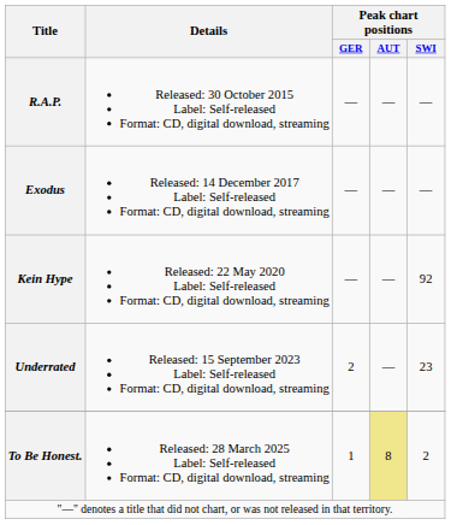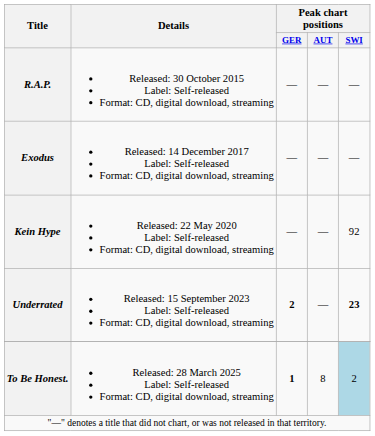 <table class="wikitable plainrowheaders" style="text-align:center">
 <tr>
 <th scope="col" rowspan="2">Title</th>
 <th scope="col" rowspan="2">Details</th>
 <th scope="col" colspan="3">Peak chart positions</th>
 </tr>
 <tr>
 <th scope="col" style="width:3em;font-size:85%"><a href='#'>GER</a><br></th>
 <th scope="col" style="width:3em;font-size:85%"><a href='#'>AUT</a><br></th>
 <th scope="col" style="width:3em;font-size:85%"><a href='#'>SWI</a><br></th>
 </tr>
 <tr>
 <th scope="row"><em>R.A.P.</em></th>
 <td><br><ul><li>Released: 30 October 2015</li><li>Label: Self-released</li><li>Format: CD, digital download, streaming</li></ul></td>
 <td>—</td>
 <td>—</td>
 <td>—</td>
 </tr>
 <tr>
 <th scope="row"><em>Exodus</em></th>
 <td><br><ul><li>Released: 14 December 2017</li><li>Label: Self-released</li><li>Format: CD, digital download, streaming</li></ul></td>
 <td>—</td>
 <td>—</td>
 <td>—</td>
 </tr>
 <tr>
 <th scope="row"><em>Kein Hype</em></th>
 <td><br><ul><li>Released: 22 May 2020</li><li>Label: Self-released</li><li>Format: CD, digital download, streaming</li></ul></td>
 <td>—</td>
 <td>—</td>
 <td>92</td>
 </tr>
 <tr>
 <th scope="row"><em>Underrated</em></th>
 <td><br><ul><li>Released: 15 September 2023</li><li>Label: Self-released</li><li>Format: CD, digital download, streaming</li></ul></td>
-<td>2</td>
+<td><strong>2</strong></td>
 <td>—</td>
-<td>23</td>
+<td><strong>23</strong></td>
 </tr>
 <tr>
 </tr>
 <tr>
 <th scope="row"><em>To Be Honest.</em></th>
 <td><br><ul><li>Released: 28 March 2025</li><li>Label: Self-released</li><li>Format: CD, digital download, streaming</li></ul></td>
-<td>1</td>
-<td style="background: khaki;">8</td>
-<td>2</td>
+<td><strong>1</strong></td>
+<td>8</td>
+<td style="background: lightblue;">2</td>
 </tr>
 <tr>
 <td colspan="10" style="font-size:90%">"—" denotes a title that did not chart, or was not released in that territory.</td>
 </tr>
 </table>
